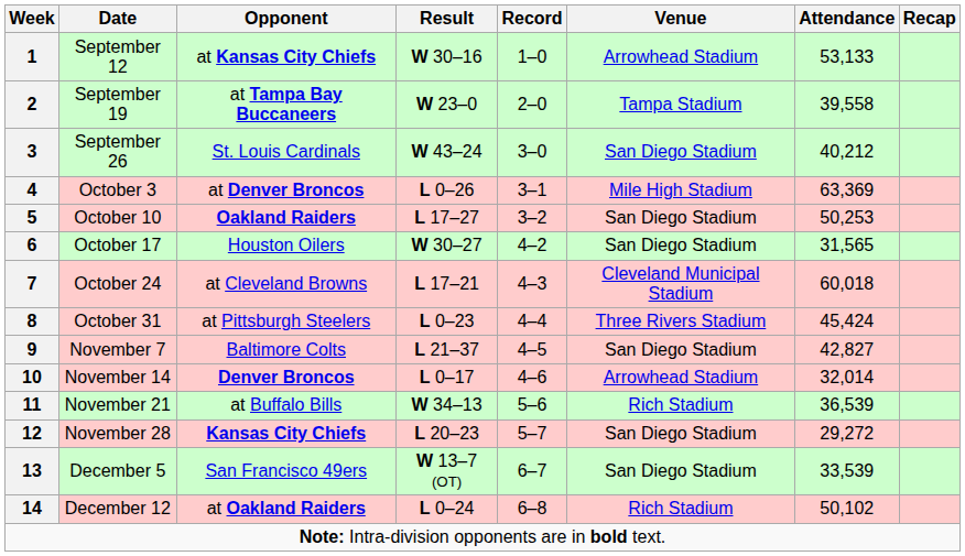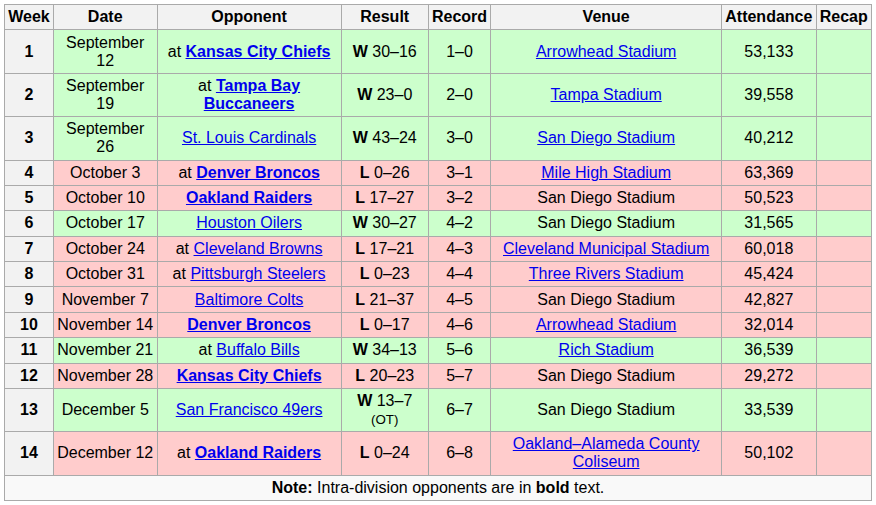 <table class="wikitable" style="text-align:center">
 <tr>
 <th>Week</th>
 <th>Date</th>
 <th>Opponent</th>
 <th>Result</th>
 <th>Record</th>
 <th>Venue</th>
 <th>Attendance</th>
 <th>Recap</th>
 </tr>
 <tr style="background:#cfc">
 <th>1</th>
 <td>September 12</td>
 <td>at <strong><a href='#'>Kansas City Chiefs</a></strong></td>
 <td><strong>W</strong> 30–16</td>
 <td>1–0</td>
 <td><a href='#'>Arrowhead Stadium</a></td>
 <td>53,133</td>
 <td></td>
 </tr>
 <tr style="background:#cfc">
 <th>2</th>
 <td>September 19</td>
 <td>at <strong><a href='#'>Tampa Bay Buccaneers</a></strong></td>
 <td><strong>W</strong> 23–0</td>
 <td>2–0</td>
 <td><a href='#'>Tampa Stadium</a></td>
 <td>39,558</td>
 <td></td>
 </tr>
 <tr style="background:#cfc">
 <th>3</th>
 <td>September 26</td>
 <td><a href='#'>St. Louis Cardinals</a></td>
 <td><strong>W</strong> 43–24</td>
 <td>3–0</td>
 <td><a href='#'>San Diego Stadium</a></td>
 <td>40,212</td>
 <td></td>
 </tr>
 <tr style="background:#fcc">
 <th>4</th>
 <td>October 3</td>
 <td>at <strong><a href='#'>Denver Broncos</a></strong></td>
 <td><strong>L</strong> 0–26</td>
 <td>3–1</td>
 <td><a href='#'>Mile High Stadium</a></td>
 <td>63,369</td>
 <td></td>
 </tr>
 <tr style="background:#fcc">
 <th>5</th>
 <td>October 10</td>
 <td><strong><a href='#'>Oakland Raiders</a></strong></td>
 <td><strong>L</strong> 17–27</td>
 <td>3–2</td>
 <td>San Diego Stadium</td>
-<td>50,253</td>
+<td>50,523</td>
 <td></td>
 </tr>
 <tr style="background:#cfc">
 <th>6</th>
 <td>October 17</td>
 <td><a href='#'>Houston Oilers</a></td>
 <td><strong>W</strong> 30–27</td>
 <td>4–2</td>
 <td>San Diego Stadium</td>
 <td>31,565</td>
 <td></td>
 </tr>
 <tr style="background:#fcc">
 <th>7</th>
 <td>October 24</td>
 <td>at <a href='#'>Cleveland Browns</a></td>
 <td><strong>L</strong> 17–21</td>
 <td>4–3</td>
 <td><a href='#'>Cleveland Municipal Stadium</a></td>
 <td>60,018</td>
 <td></td>
 </tr>
 <tr style="background:#fcc">
 <th>8</th>
 <td>October 31</td>
 <td>at <a href='#'>Pittsburgh Steelers</a></td>
 <td><strong>L</strong> 0–23</td>
 <td>4–4</td>
 <td><a href='#'>Three Rivers Stadium</a></td>
 <td>45,424</td>
 <td></td>
 </tr>
 <tr style="background:#fcc">
 <th>9</th>
 <td>November 7</td>
 <td><a href='#'>Baltimore Colts</a></td>
 <td><strong>L</strong> 21–37</td>
 <td>4–5</td>
 <td>San Diego Stadium</td>
 <td>42,827</td>
 <td></td>
 </tr>
 <tr style="background:#fcc">
 <th>10</th>
 <td>November 14</td>
 <td><strong><a href='#'>Denver Broncos</a></strong></td>
 <td><strong>L</strong> 0–17</td>
 <td>4–6</td>
 <td><a href='#'>Arrowhead Stadium</a></td>
 <td>32,014</td>
 <td></td>
 </tr>
 <tr style="background:#cfc">
 <th>11</th>
 <td>November 21</td>
 <td>at <a href='#'>Buffalo Bills</a></td>
 <td><strong>W</strong> 34–13</td>
 <td>5–6</td>
 <td><a href='#'>Rich Stadium</a></td>
 <td>36,539</td>
 <td></td>
 </tr>
 <tr style="background:#fcc">
 <th>12</th>
 <td>November 28</td>
 <td><strong><a href='#'>Kansas City Chiefs</a></strong></td>
 <td><strong>L</strong> 20–23</td>
 <td>5–7</td>
 <td>San Diego Stadium</td>
 <td>29,272</td>
 <td></td>
 </tr>
 <tr style="background:#cfc">
 <th>13</th>
 <td>December 5</td>
 <td><a href='#'>San Francisco 49ers</a></td>
 <td><strong>W</strong> 13–7 <small>(OT)</small></td>
 <td>6–7</td>
 <td>San Diego Stadium</td>
 <td>33,539</td>
 <td></td>
 </tr>
 <tr style="background:#fcc">
 <th>14</th>
 <td>December 12</td>
 <td>at <strong><a href='#'>Oakland Raiders</a></strong></td>
 <td><strong>L</strong> 0–24</td>
 <td>6–8</td>
-<td><a href='#'>Rich Stadium</a></td>
+<td><a href='#'>Oakland–Alameda County Coliseum</a></td>
 <td>50,102</td>
 <td></td>
 </tr>
 <tr>
 <td colspan="8"><strong>Note:</strong> Intra-division opponents are in <strong>bold</strong> text.</td>
 </tr>
 </table>
